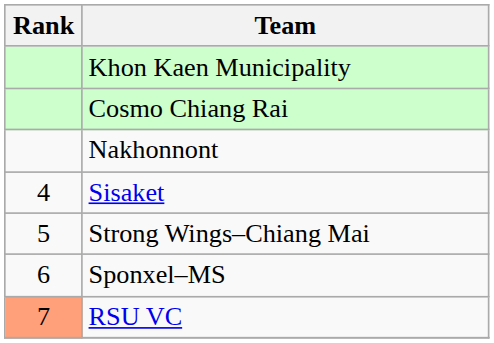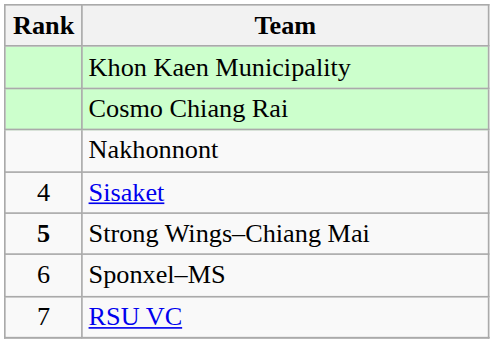 <table class="wikitable" style="text-align: center;">
 <tr>
 <th width=40>Rank</th>
 <th width=240>Team</th>
 </tr>
 <tr bgcolor=#ccffcc>
 <td></td>
 <td align=left>Khon Kaen Municipality</td>
 </tr>
 <tr bgcolor=#ccffcc>
 <td></td>
 <td align=left>Cosmo Chiang Rai</td>
 </tr>
 <tr>
 <td></td>
 <td align=left>Nakhonnont</td>
 </tr>
 <tr>
 <td>4</td>
 <td align=left><a href='#'>Sisaket</a></td>
 </tr>
 <tr>
-<td>5</td>
+<td><strong>5</strong></td>
 <td align=left>Strong Wings–Chiang Mai</td>
 </tr>
 <tr>
 <td>6</td>
 <td align=left>Sponxel–MS</td>
 </tr>
 <tr>
-<td style="background: lightsalmon;">7</td>
+<td>7</td>
 <td align=left><a href='#'>RSU VC</a></td>
 </tr>
 <tr>
 </tr>
 </table>
